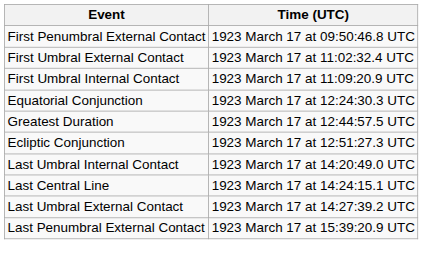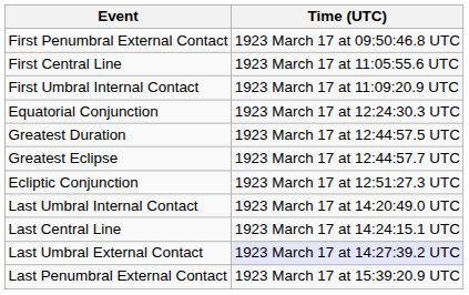 <table class="wikitable">
 <tr>
 <th>Event</th>
 <th>Time (UTC)</th>
 </tr>
 <tr>
 <td>First Penumbral External Contact</td>
 <td>1923 March 17 at 09:50:46.8 UTC</td>
 </tr>
 <tr>
-<td>First Umbral External Contact</td>
-<td>1923 March 17 at 11:02:32.4 UTC</td>
+<td>First Central Line</td>
+<td>1923 March 17 at 11:05:55.6 UTC</td>
 </tr>
 <tr>
 <td>First Umbral Internal Contact</td>
 <td>1923 March 17 at 11:09:20.9 UTC</td>
 </tr>
 <tr>
 <td>Equatorial Conjunction</td>
 <td>1923 March 17 at 12:24:30.3 UTC</td>
 </tr>
 <tr>
 <td>Greatest Duration</td>
 <td>1923 March 17 at 12:44:57.5 UTC</td>
+</tr>
+<tr>
+<td>Greatest Eclipse</td>
+<td>1923 March 17 at 12:44:57.7 UTC</td>
 </tr>
 <tr>
 <td>Ecliptic Conjunction</td>
 <td>1923 March 17 at 12:51:27.3 UTC</td>
 </tr>
 <tr>
 <td>Last Umbral Internal Contact</td>
 <td>1923 March 17 at 14:20:49.0 UTC</td>
 </tr>
 <tr>
 <td>Last Central Line</td>
 <td>1923 March 17 at 14:24:15.1 UTC</td>
 </tr>
 <tr>
 <td>Last Umbral External Contact</td>
-<td>1923 March 17 at 14:27:39.2 UTC</td>
+<td style="background: lavender;">1923 March 17 at 14:27:39.2 UTC</td>
 </tr>
 <tr>
 <td>Last Penumbral External Contact</td>
 <td>1923 March 17 at 15:39:20.9 UTC</td>
 </tr>
 </table>
